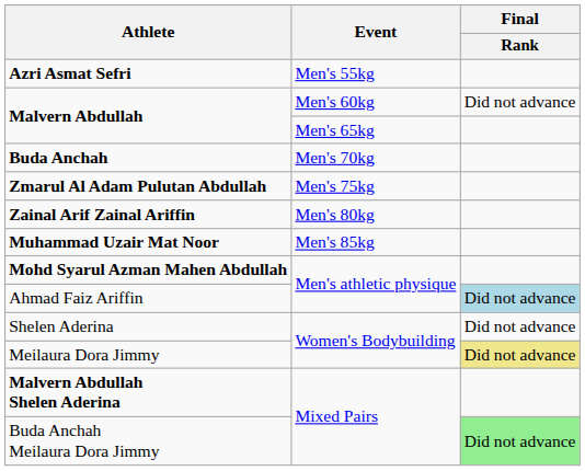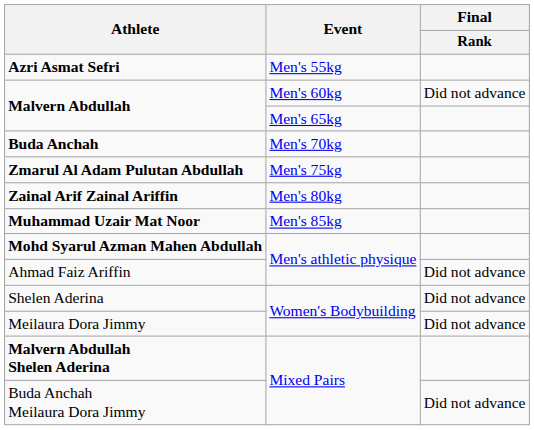 <table class="wikitable" style="font-size:90%">
 <tr>
 <th rowspan="2">Athlete</th>
 <th rowspan="2">Event</th>
 <th>Final</th>
 </tr>
 <tr style="font-size:95%", align="center">
 <th>Rank</th>
 </tr>
 <tr align="center">
 <td align=left><strong>Azri Asmat Sefri</strong></td>
 <td align=left><a href='#'>Men's 55kg</a></td>
 <td></td>
 </tr>
 <tr align="center">
 <td rowspan=2 align=left><strong>Malvern Abdullah</strong></td>
 <td align=left><a href='#'>Men's 60kg</a></td>
 <td>Did not advance</td>
 </tr>
 <tr align="center">
 <td align=left><a href='#'>Men's 65kg</a></td>
 <td></td>
 </tr>
 <tr align="center">
 <td align=left><strong>Buda Anchah</strong></td>
 <td align=left><a href='#'>Men's 70kg</a></td>
 <td></td>
 </tr>
 <tr align="center">
 <td align=left><strong>Zmarul Al Adam Pulutan Abdullah</strong></td>
 <td align=left><a href='#'>Men's 75kg</a></td>
 <td></td>
 </tr>
 <tr align="center">
 <td align=left><strong>Zainal Arif Zainal Ariffin</strong></td>
 <td align=left><a href='#'>Men's 80kg</a></td>
 <td></td>
 </tr>
 <tr align="center">
 <td align=left><strong>Muhammad Uzair Mat Noor</strong></td>
 <td align=left><a href='#'>Men's 85kg</a></td>
 <td></td>
 </tr>
 <tr align="center">
 <td align=left><strong>Mohd Syarul Azman Mahen Abdullah</strong></td>
 <td align=left rowspan=2><a href='#'>Men's athletic physique</a></td>
 <td></td>
 </tr>
 <tr align="center">
 <td align=left>Ahmad Faiz Ariffin</td>
-<td style="background: lightblue;">Did not advance</td>
+<td>Did not advance</td>
 </tr>
 <tr align="center">
 <td align=left>Shelen Aderina</td>
 <td align=left rowspan=2><a href='#'>Women's Bodybuilding</a></td>
 <td>Did not advance</td>
 </tr>
 <tr align="center">
 <td align=left>Meilaura Dora Jimmy</td>
-<td style="background: khaki;">Did not advance</td>
+<td>Did not advance</td>
 </tr>
 <tr align="center">
 <td align=left><strong>Malvern Abdullah<br>Shelen Aderina</strong></td>
 <td align=left rowspan=2><a href='#'>Mixed Pairs</a></td>
 <td></td>
 </tr>
 <tr align="center">
 <td align=left>Buda Anchah<br>Meilaura Dora Jimmy</td>
-<td style="background: lightgreen;">Did not advance</td>
+<td>Did not advance</td>
 </tr>
 </table>
